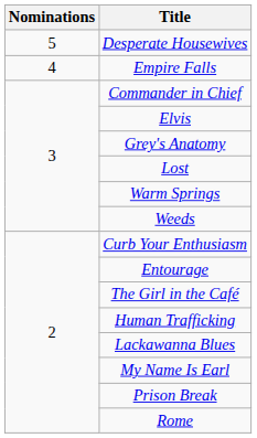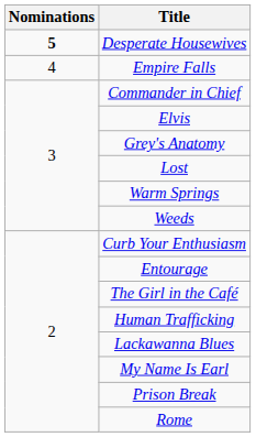 <table class="wikitable" style="text-align: center">
 <tr>
 <th scope="col" width="55">Nominations</th>
 <th scope="col" align="center">Title</th>
 </tr>
 <tr>
-<td align="center">5</td>
+<td align="center"><strong>5</strong></td>
 <td><em><a href='#'>Desperate Housewives</a></em></td>
 </tr>
 <tr>
 <td align="center">4</td>
 <td><em><a href='#'>Empire Falls</a></em></td>
 </tr>
 <tr>
 <td rowspan=6 style="text-align:center">3</td>
 <td><em><a href='#'>Commander in Chief</a></em></td>
 </tr>
 <tr>
 <td><em><a href='#'>Elvis</a></em></td>
 </tr>
 <tr>
 <td><em><a href='#'>Grey's Anatomy</a></em></td>
 </tr>
 <tr>
 <td><em><a href='#'>Lost</a></em></td>
 </tr>
 <tr>
 <td><em><a href='#'>Warm Springs</a></em></td>
 </tr>
 <tr>
 <td><em><a href='#'>Weeds</a></em></td>
 </tr>
 <tr>
 <td rowspan=8 style="text-align:center">2</td>
 <td><em><a href='#'>Curb Your Enthusiasm</a></em></td>
 </tr>
 <tr>
 <td><em><a href='#'>Entourage</a></em></td>
 </tr>
 <tr>
 <td><em><a href='#'>The Girl in the Café</a></em></td>
 </tr>
 <tr>
 <td><em><a href='#'>Human Trafficking</a></em></td>
 </tr>
 <tr>
 <td><em><a href='#'>Lackawanna Blues</a></em></td>
 </tr>
 <tr>
 <td><em><a href='#'>My Name Is Earl</a></em></td>
 </tr>
 <tr>
 <td><em><a href='#'>Prison Break</a></em></td>
 </tr>
 <tr>
 <td><em><a href='#'>Rome</a></em></td>
 </tr>
 </table>
